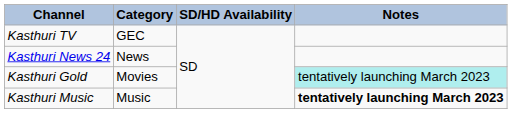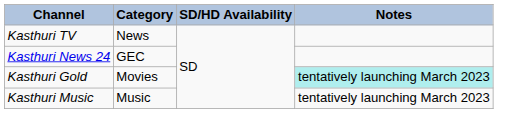 <table class="wikitable" style="text-align:middle;">
 <tr>
 <th style="background:LightSteelBlue;">Channel</th>
 <th style="background:LightSteelBlue;">Category</th>
 <th style="background:LightSteelBlue;">SD/HD Availability</th>
 <th style="background:LightSteelBlue;">Notes</th>
 </tr>
 <tr>
 <td><em>Kasthuri TV</em></td>
-<td>GEC</td>
+<td>News</td>
 <td rowspan="4">SD</td>
 <td></td>
 </tr>
 <tr>
 <td><em><a href='#'>Kasthuri News 24</a></em></td>
-<td>News</td>
+<td>GEC</td>
 <td></td>
 </tr>
 <tr>
 <td><em>Kasthuri Gold</em></td>
 <td>Movies</td>
 <td style="background: paleturquoise;">tentatively launching March 2023</td>
 </tr>
 <tr>
 <td><em>Kasthuri Music</em></td>
 <td>Music</td>
-<td><strong>tentatively launching March 2023</strong></td>
+<td>tentatively launching March 2023</td>
 </tr>
 </table>
